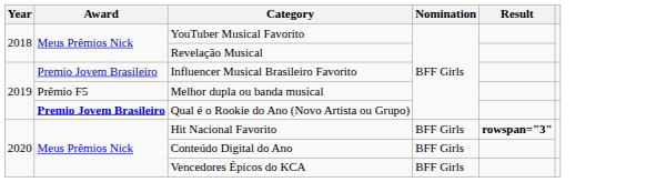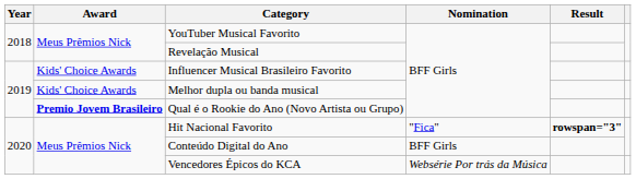 <table class="wikitable">
 <tr>
 <th>Year</th>
 <th>Award</th>
 <th>Category</th>
 <th>Nomination</th>
 <th>Result</th>
 <th></th>
 </tr>
 <tr>
 <td rowspan="2">2018</td>
 <td rowspan="2"><a href='#'>Meus Prêmios Nick</a></td>
 <td>YouTuber Musical Favorito</td>
 <td rowspan="5">BFF Girls</td>
 <td></td>
 <td rowspan="2"></td>
 </tr>
 <tr>
 <td>Revelação Musical</td>
 <td></td>
 </tr>
 <tr>
 <td rowspan="3">2019</td>
-<td><a href='#'>Premio Jovem Brasileiro</a></td>
+<td><a href='#'>Kids' Choice Awards</a></td>
 <td>Influencer Musical Brasileiro Favorito</td>
 <td></td>
 <td></td>
 </tr>
 <tr>
-<td>Prêmio F5</td>
+<td><a href='#'>Kids' Choice Awards</a></td>
 <td>Melhor dupla ou banda musical</td>
 <td></td>
 <td></td>
 </tr>
 <tr>
 <td><strong><a href='#'>Premio Jovem Brasileiro</a></strong></td>
 <td>Qual é o Rookie do Ano (Novo Artista ou Grupo)</td>
 <td></td>
 <td></td>
 </tr>
 <tr>
 <td rowspan="3">2020</td>
 <td rowspan="3"><a href='#'>Meus Prêmios Nick</a></td>
 <td>Hit Nacional Favorito</td>
-<td>BFF Girls</td>
+<td>"<a href='#'>Fica</a>"</td>
 <td><strong>rowspan="3" </strong></td>
 <td rowspan="2"></td>
 </tr>
 <tr>
 <td>Conteúdo Digital do Ano</td>
 <td>BFF Girls</td>
 </tr>
 <tr>
 <td>Vencedores Épicos do KCA</td>
-<td>BFF Girls</td>
+<td><em>Websérie Por trás da Música</em></td>
 <td></td>
 </tr>
 </table>
